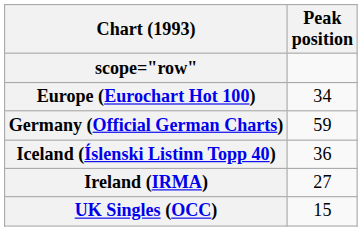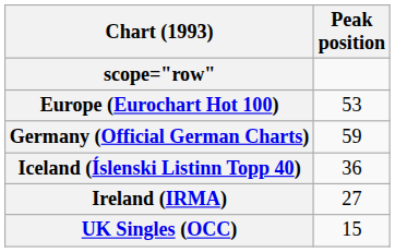 <table class="wikitable sortable plainrowheaders">
 <tr>
 <th>Chart (1993)</th>
 <th>Peak<br>position</th>
 </tr>
 <tr>
 <th>scope="row"</th>
 </tr>
 <tr>
 <th scope="row">Europe (<a href='#'>Eurochart Hot 100</a>)</th>
-<td align="center">34</td>
+<td align="center">53</td>
 </tr>
 <tr>
 <th scope="row">Germany (<a href='#'>Official German Charts</a>)</th>
 <td align="center">59</td>
 </tr>
 <tr>
 <th scope="row">Iceland (<a href='#'>Íslenski Listinn Topp 40</a>)</th>
 <td align="center">36</td>
 </tr>
 <tr>
 <th scope="row">Ireland (<a href='#'>IRMA</a>)</th>
 <td align="center">27</td>
 </tr>
 <tr>
 <th scope="row"><a href='#'>UK Singles</a> (<a href='#'>OCC</a>)</th>
 <td align="center">15</td>
 </tr>
 </table>
